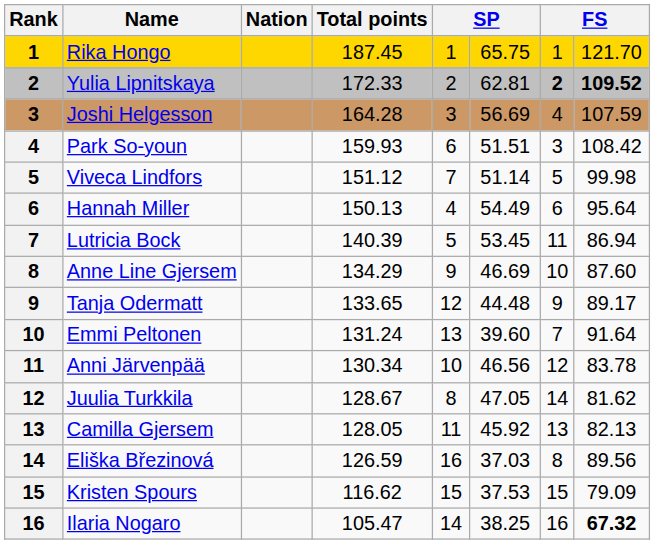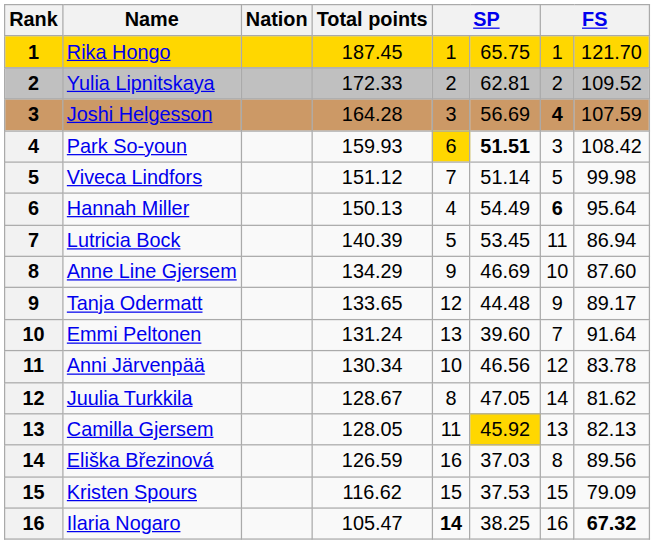 <table class="wikitable sortable">
 <tr>
 <th>Rank</th>
 <th>Name</th>
 <th>Nation</th>
 <th>Total points</th>
 <th colspan="2" width="80px"><a href='#'>SP</a></th>
 <th colspan="2" width="80px"><a href='#'>FS</a></th>
 </tr>
 <tr bgcolor="gold">
 <td align="center"><strong>1</strong></td>
 <td><a href='#'>Rika Hongo</a></td>
 <td></td>
 <td align="center">187.45</td>
 <td align="center">1</td>
 <td align="center">65.75</td>
 <td align="center">1</td>
 <td align="center">121.70</td>
 </tr>
 <tr bgcolor="silver">
 <td align="center"><strong>2</strong></td>
 <td><a href='#'>Yulia Lipnitskaya</a></td>
 <td></td>
 <td align="center">172.33</td>
 <td align="center">2</td>
 <td align="center">62.81</td>
-<td align="center"><strong>2</strong></td>
-<td align="center"><strong>109.52</strong></td>
+<td align="center">2</td>
+<td align="center">109.52</td>
 </tr>
 <tr bgcolor="cc9966">
 <td align="center"><strong>3</strong></td>
 <td><a href='#'>Joshi Helgesson</a></td>
 <td></td>
 <td align="center">164.28</td>
 <td align="center">3</td>
 <td align="center">56.69</td>
-<td align="center">4</td>
+<td align="center"><strong>4</strong></td>
 <td align="center">107.59</td>
 </tr>
 <tr>
 <th>4</th>
 <td><a href='#'>Park So-youn</a></td>
 <td></td>
 <td align="center">159.93</td>
-<td align="center">6</td>
-<td align="center">51.51</td>
+<td align="center" style="background: gold;">6</td>
+<td align="center"><strong>51.51</strong></td>
 <td align="center">3</td>
 <td align="center">108.42</td>
 </tr>
 <tr>
 <th>5</th>
 <td><a href='#'>Viveca Lindfors</a></td>
 <td></td>
 <td align="center">151.12</td>
 <td align="center">7</td>
 <td align="center">51.14</td>
 <td align="center">5</td>
 <td align="center">99.98</td>
 </tr>
 <tr>
 <th>6</th>
 <td><a href='#'>Hannah Miller</a></td>
 <td></td>
 <td align="center">150.13</td>
 <td align="center">4</td>
 <td align="center">54.49</td>
-<td align="center">6</td>
+<td align="center"><strong>6</strong></td>
 <td align="center">95.64</td>
 </tr>
 <tr>
 <th>7</th>
 <td><a href='#'>Lutricia Bock</a></td>
 <td></td>
 <td align="center">140.39</td>
 <td align="center">5</td>
 <td align="center">53.45</td>
 <td align="center">11</td>
 <td align="center">86.94</td>
 </tr>
 <tr>
 <th>8</th>
 <td><a href='#'>Anne Line Gjersem</a></td>
 <td></td>
 <td align="center">134.29</td>
 <td align="center">9</td>
 <td align="center">46.69</td>
 <td align="center">10</td>
 <td align="center">87.60</td>
 </tr>
 <tr>
 <th>9</th>
 <td><a href='#'>Tanja Odermatt</a></td>
 <td></td>
 <td align="center">133.65</td>
 <td align="center">12</td>
 <td align="center">44.48</td>
 <td align="center">9</td>
 <td align="center">89.17</td>
 </tr>
 <tr>
 <th>10</th>
 <td><a href='#'>Emmi Peltonen</a></td>
 <td></td>
 <td align="center">131.24</td>
 <td align="center">13</td>
 <td align="center">39.60</td>
 <td align="center">7</td>
 <td align="center">91.64</td>
 </tr>
 <tr>
 <th>11</th>
 <td><a href='#'>Anni Järvenpää</a></td>
 <td></td>
 <td align="center">130.34</td>
 <td align="center">10</td>
 <td align="center">46.56</td>
 <td align="center">12</td>
 <td align="center">83.78</td>
 </tr>
 <tr>
 <th>12</th>
 <td><a href='#'>Juulia Turkkila</a></td>
 <td></td>
 <td align="center">128.67</td>
 <td align="center">8</td>
 <td align="center">47.05</td>
 <td align="center">14</td>
 <td align="center">81.62</td>
 </tr>
 <tr>
 <th>13</th>
 <td><a href='#'>Camilla Gjersem</a></td>
 <td></td>
 <td align="center">128.05</td>
 <td align="center">11</td>
-<td align="center">45.92</td>
+<td align="center" style="background: gold;">45.92</td>
 <td align="center">13</td>
 <td align="center">82.13</td>
 </tr>
 <tr>
 <th>14</th>
 <td><a href='#'>Eliška Březinová</a></td>
 <td></td>
 <td align="center">126.59</td>
 <td align="center">16</td>
 <td align="center">37.03</td>
 <td align="center">8</td>
 <td align="center">89.56</td>
 </tr>
 <tr>
 <th>15</th>
 <td><a href='#'>Kristen Spours</a></td>
 <td></td>
 <td align="center">116.62</td>
 <td align="center">15</td>
 <td align="center">37.53</td>
 <td align="center">15</td>
 <td align="center">79.09</td>
 </tr>
 <tr>
 <th>16</th>
 <td><a href='#'>Ilaria Nogaro</a></td>
 <td></td>
 <td align="center">105.47</td>
-<td align="center">14</td>
+<td align="center"><strong>14</strong></td>
 <td align="center">38.25</td>
 <td align="center">16</td>
 <td align="center"><strong>67.32</strong></td>
 </tr>
 </table>
